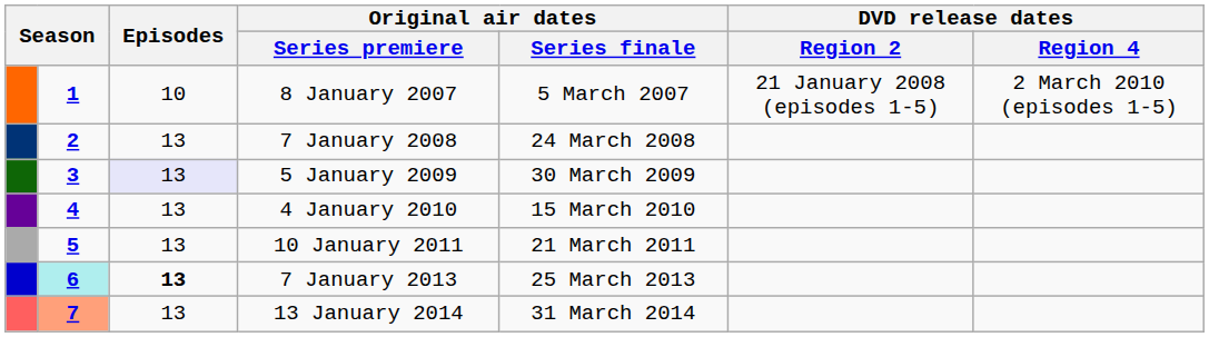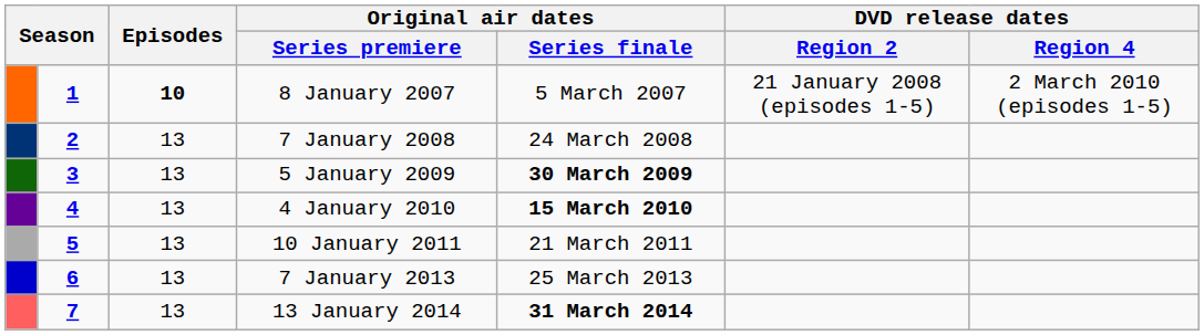 <table class="wikitable" style="text-align:center;">
 <tr>
 <th style="padding:0 8px;" rowspan="2" colspan="2">Season</th>
 <th style="padding:0 8px;" rowspan="2">Episodes</th>
 <th style="padding:0 80px;" colspan="2">Original air dates</th>
 <th style="padding:0 80px;" colspan="4">DVD release dates</th>
 </tr>
 <tr>
 <th><a href='#'>Series premiere</a></th>
 <th><a href='#'>Series finale</a></th>
 <th><a href='#'>Region 2</a></th>
 <th><a href='#'>Region 4</a></th>
 </tr>
 <tr>
 <td style="background:#ff6600; height:10px;"></td>
 <td><strong><a href='#'>1</a></strong></td>
-<td>10</td>
+<td><strong>10</strong></td>
 <td>8 January 2007</td>
 <td>5 March 2007</td>
 <td>21 January 2008 <br>(episodes 1-5)</td>
 <td>2 March 2010 <br>(episodes 1-5)</td>
 </tr>
 <tr>
 <td style="background:#003376; height:10px;"></td>
 <td><strong><a href='#'>2</a></strong></td>
 <td>13</td>
 <td>7 January 2008</td>
 <td>24 March 2008</td>
 <td></td>
 <td></td>
 </tr>
 <tr>
 <td style="background:#0E6606; height:10px;"></td>
 <td><strong><a href='#'>3</a></strong></td>
-<td style="background: lavender;">13</td>
+<td>13</td>
 <td>5 January 2009</td>
-<td>30 March 2009</td>
+<td><strong>30 March 2009</strong></td>
 <td></td>
 <td></td>
 </tr>
 <tr>
 <td style="background:#660198; height:10px;"></td>
 <td><strong><a href='#'>4</a></strong></td>
 <td>13</td>
 <td>4 January 2010</td>
-<td>15 March 2010</td>
+<td><strong>15 March 2010</strong></td>
 <td></td>
 <td></td>
 </tr>
 <tr>
 <td style="background:#aaa; height:10px;"></td>
 <td><strong><a href='#'>5</a></strong></td>
 <td>13</td>
 <td>10 January 2011</td>
 <td>21 March 2011</td>
 <td></td>
 <td></td>
 </tr>
 <tr>
 <td style="background:#0000cd;; height:10px;"></td>
-<td style="background: paleturquoise;"><strong><a href='#'>6</a></strong></td>
-<td><strong>13</strong></td>
+<td><strong><a href='#'>6</a></strong></td>
+<td>13</td>
 <td>7 January 2013</td>
 <td>25 March 2013</td>
 <td></td>
 <td></td>
 </tr>
 <tr>
 <td style="background:#FF5F5F; height:10px;"></td>
-<td style="background: lightsalmon;"><strong><a href='#'>7</a></strong></td>
+<td><strong><a href='#'>7</a></strong></td>
 <td>13</td>
 <td>13 January 2014</td>
-<td>31 March 2014</td>
+<td><strong>31 March 2014</strong></td>
 <td></td>
 <td></td>
 </tr>
 </table>
